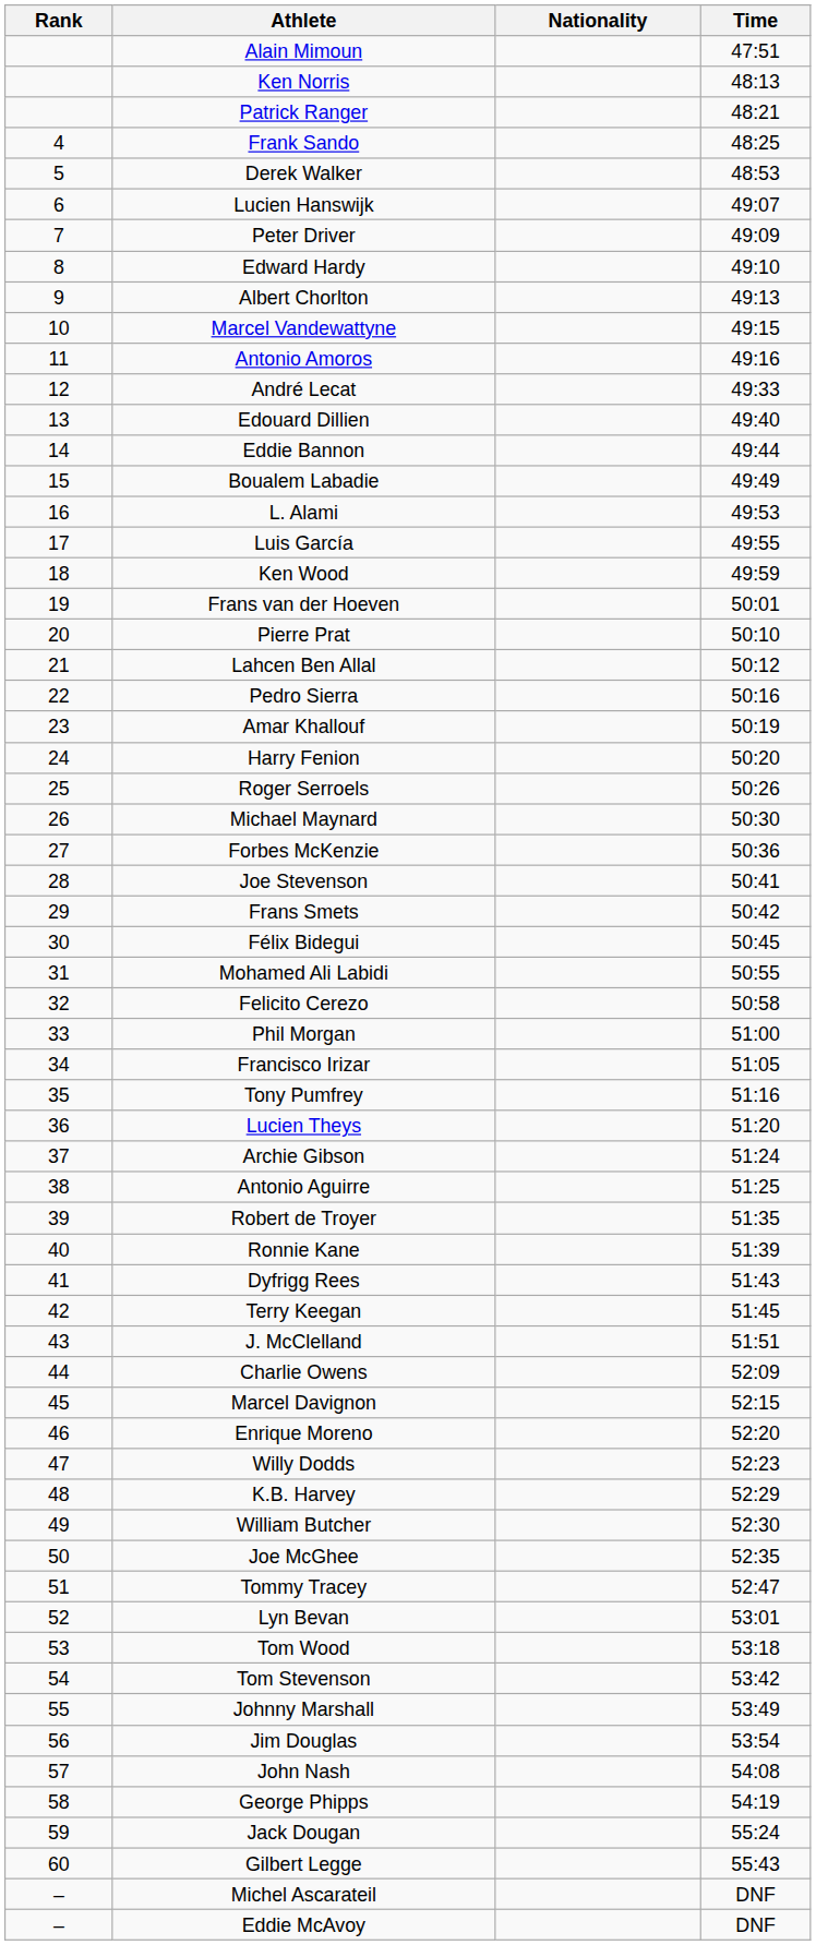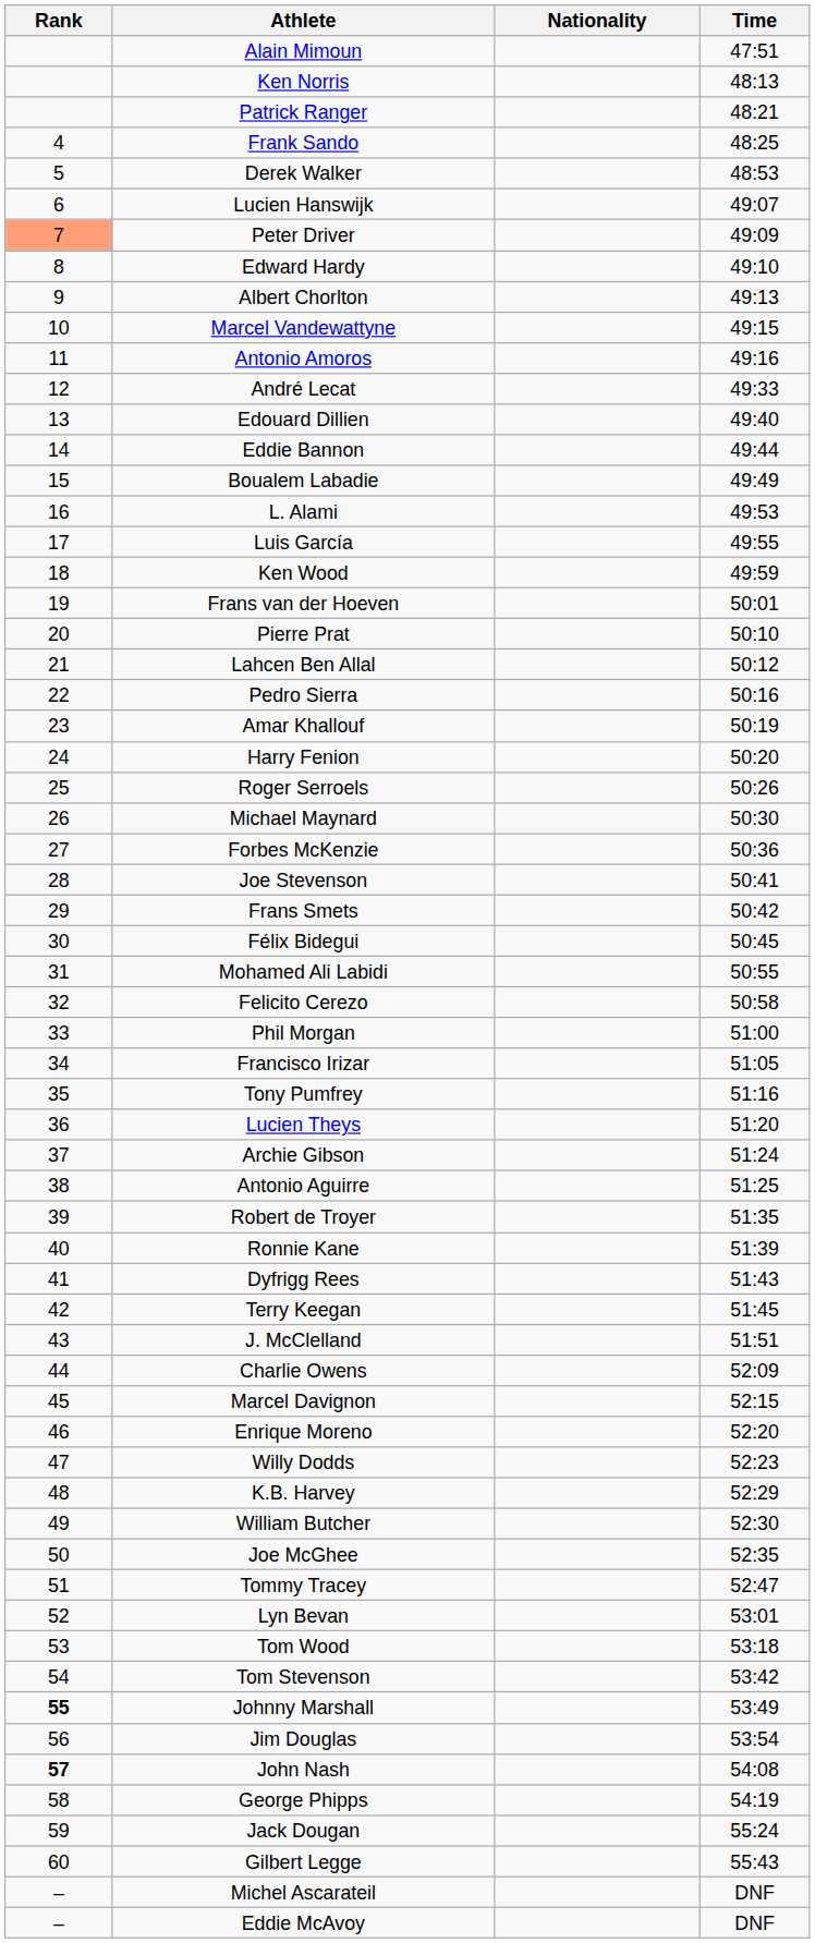 <table class="wikitable sortable" style=" text-align:center; font-size:95%;" width="50%">
 <tr>
 <th>Rank</th>
 <th>Athlete</th>
 <th>Nationality</th>
 <th>Time</th>
 </tr>
 <tr>
 <td align=center></td>
 <td><a href='#'>Alain Mimoun</a></td>
 <td></td>
 <td>47:51</td>
 </tr>
 <tr>
 <td align=center></td>
 <td><a href='#'>Ken Norris</a></td>
 <td></td>
 <td>48:13</td>
 </tr>
 <tr>
 <td align=center></td>
 <td><a href='#'>Patrick Ranger</a></td>
 <td></td>
 <td>48:21</td>
 </tr>
 <tr>
 <td align=center>4</td>
 <td><a href='#'>Frank Sando</a></td>
 <td></td>
 <td>48:25</td>
 </tr>
 <tr>
 <td align=center>5</td>
 <td>Derek Walker</td>
 <td></td>
 <td>48:53</td>
 </tr>
 <tr>
 <td align=center>6</td>
 <td>Lucien Hanswijk</td>
 <td></td>
 <td>49:07</td>
 </tr>
 <tr>
-<td align=center>7</td>
+<td align=center style="background: lightsalmon;">7</td>
 <td>Peter Driver</td>
 <td></td>
 <td>49:09</td>
 </tr>
 <tr>
 <td align=center>8</td>
 <td>Edward Hardy</td>
 <td></td>
 <td>49:10</td>
 </tr>
 <tr>
 <td align=center>9</td>
 <td>Albert Chorlton</td>
 <td></td>
 <td>49:13</td>
 </tr>
 <tr>
 <td align=center>10</td>
 <td><a href='#'>Marcel Vandewattyne</a></td>
 <td></td>
 <td>49:15</td>
 </tr>
 <tr>
 <td align=center>11</td>
 <td><a href='#'>Antonio Amoros</a></td>
 <td></td>
 <td>49:16</td>
 </tr>
 <tr>
 <td align=center>12</td>
 <td>André Lecat</td>
 <td></td>
 <td>49:33</td>
 </tr>
 <tr>
 <td align=center>13</td>
 <td>Edouard Dillien</td>
 <td></td>
 <td>49:40</td>
 </tr>
 <tr>
 <td align=center>14</td>
 <td>Eddie Bannon</td>
 <td></td>
 <td>49:44</td>
 </tr>
 <tr>
 <td align=center>15</td>
 <td>Boualem Labadie</td>
 <td></td>
 <td>49:49</td>
 </tr>
 <tr>
 <td align=center>16</td>
 <td>L. Alami</td>
 <td></td>
 <td>49:53</td>
 </tr>
 <tr>
 <td align=center>17</td>
 <td>Luis García</td>
 <td></td>
 <td>49:55</td>
 </tr>
 <tr>
 <td align=center>18</td>
 <td>Ken Wood</td>
 <td></td>
 <td>49:59</td>
 </tr>
 <tr>
 <td align=center>19</td>
 <td>Frans van der Hoeven</td>
 <td></td>
 <td>50:01</td>
 </tr>
 <tr>
 <td align=center>20</td>
 <td>Pierre Prat</td>
 <td></td>
 <td>50:10</td>
 </tr>
 <tr>
 <td align=center>21</td>
 <td>Lahcen Ben Allal</td>
 <td></td>
 <td>50:12</td>
 </tr>
 <tr>
 <td align=center>22</td>
 <td>Pedro Sierra</td>
 <td></td>
 <td>50:16</td>
 </tr>
 <tr>
 <td align=center>23</td>
 <td>Amar Khallouf</td>
 <td></td>
 <td>50:19</td>
 </tr>
 <tr>
 <td align=center>24</td>
 <td>Harry Fenion</td>
 <td></td>
 <td>50:20</td>
 </tr>
 <tr>
 <td align=center>25</td>
 <td>Roger Serroels</td>
 <td></td>
 <td>50:26</td>
 </tr>
 <tr>
 <td align=center>26</td>
 <td>Michael Maynard</td>
 <td></td>
 <td>50:30</td>
 </tr>
 <tr>
 <td align=center>27</td>
 <td>Forbes McKenzie</td>
 <td></td>
 <td>50:36</td>
 </tr>
 <tr>
 <td align=center>28</td>
 <td>Joe Stevenson</td>
 <td></td>
 <td>50:41</td>
 </tr>
 <tr>
 <td align=center>29</td>
 <td>Frans Smets</td>
 <td></td>
 <td>50:42</td>
 </tr>
 <tr>
 <td align=center>30</td>
 <td>Félix Bidegui</td>
 <td></td>
 <td>50:45</td>
 </tr>
 <tr>
 <td align=center>31</td>
 <td>Mohamed Ali Labidi</td>
 <td></td>
 <td>50:55</td>
 </tr>
 <tr>
 <td align=center>32</td>
 <td>Felicito Cerezo</td>
 <td></td>
 <td>50:58</td>
 </tr>
 <tr>
 <td align=center>33</td>
 <td>Phil Morgan</td>
 <td></td>
 <td>51:00</td>
 </tr>
 <tr>
 <td align=center>34</td>
 <td>Francisco Irizar</td>
 <td></td>
 <td>51:05</td>
 </tr>
 <tr>
 <td align=center>35</td>
 <td>Tony Pumfrey</td>
 <td></td>
 <td>51:16</td>
 </tr>
 <tr>
 <td align=center>36</td>
 <td><a href='#'>Lucien Theys</a></td>
 <td></td>
 <td>51:20</td>
 </tr>
 <tr>
 <td align=center>37</td>
 <td>Archie Gibson</td>
 <td></td>
 <td>51:24</td>
 </tr>
 <tr>
 <td align=center>38</td>
 <td>Antonio Aguirre</td>
 <td></td>
 <td>51:25</td>
 </tr>
 <tr>
 <td align=center>39</td>
 <td>Robert de Troyer</td>
 <td></td>
 <td>51:35</td>
 </tr>
 <tr>
 <td align=center>40</td>
 <td>Ronnie Kane</td>
 <td></td>
 <td>51:39</td>
 </tr>
 <tr>
 <td align=center>41</td>
 <td>Dyfrigg Rees</td>
 <td></td>
 <td>51:43</td>
 </tr>
 <tr>
 <td align=center>42</td>
 <td>Terry Keegan</td>
 <td></td>
 <td>51:45</td>
 </tr>
 <tr>
 <td align=center>43</td>
 <td>J. McClelland</td>
 <td></td>
 <td>51:51</td>
 </tr>
 <tr>
 <td align=center>44</td>
 <td>Charlie Owens</td>
 <td></td>
 <td>52:09</td>
 </tr>
 <tr>
 <td align=center>45</td>
 <td>Marcel Davignon</td>
 <td></td>
 <td>52:15</td>
 </tr>
 <tr>
 <td align=center>46</td>
 <td>Enrique Moreno</td>
 <td></td>
 <td>52:20</td>
 </tr>
 <tr>
 <td align=center>47</td>
 <td>Willy Dodds</td>
 <td></td>
 <td>52:23</td>
 </tr>
 <tr>
 <td align=center>48</td>
 <td>K.B. Harvey</td>
 <td></td>
 <td>52:29</td>
 </tr>
 <tr>
 <td align=center>49</td>
 <td>William Butcher</td>
 <td></td>
 <td>52:30</td>
 </tr>
 <tr>
 <td align=center>50</td>
 <td>Joe McGhee</td>
 <td></td>
 <td>52:35</td>
 </tr>
 <tr>
 <td align=center>51</td>
 <td>Tommy Tracey</td>
 <td></td>
 <td>52:47</td>
 </tr>
 <tr>
 <td align=center>52</td>
 <td>Lyn Bevan</td>
 <td></td>
 <td>53:01</td>
 </tr>
 <tr>
 <td align=center>53</td>
 <td>Tom Wood</td>
 <td></td>
 <td>53:18</td>
 </tr>
 <tr>
 <td align=center>54</td>
 <td>Tom Stevenson</td>
 <td></td>
 <td>53:42</td>
 </tr>
 <tr>
-<td align=center>55</td>
+<td align=center><strong>55</strong></td>
 <td>Johnny Marshall</td>
 <td></td>
 <td>53:49</td>
 </tr>
 <tr>
 <td align=center>56</td>
 <td>Jim Douglas</td>
 <td></td>
 <td>53:54</td>
 </tr>
 <tr>
-<td align=center>57</td>
+<td align=center><strong>57</strong></td>
 <td>John Nash</td>
 <td></td>
 <td>54:08</td>
 </tr>
 <tr>
 <td align=center>58</td>
 <td>George Phipps</td>
 <td></td>
 <td>54:19</td>
 </tr>
 <tr>
 <td align=center>59</td>
 <td>Jack Dougan</td>
 <td></td>
 <td>55:24</td>
 </tr>
 <tr>
 <td align=center>60</td>
 <td>Gilbert Legge</td>
 <td></td>
 <td>55:43</td>
 </tr>
 <tr>
 <td align=center>–</td>
 <td>Michel Ascarateil</td>
 <td></td>
 <td>DNF</td>
 </tr>
 <tr>
 <td align=center>–</td>
 <td>Eddie McAvoy</td>
 <td></td>
 <td>DNF</td>
 </tr>
 </table>
